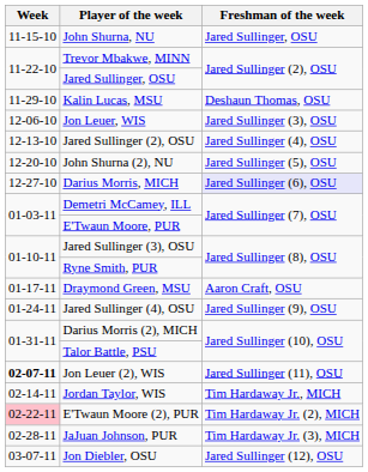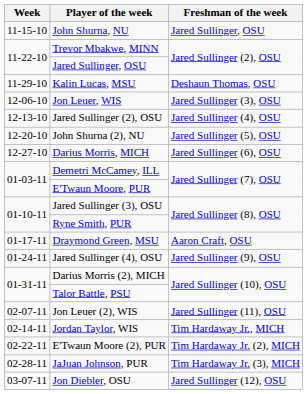 <table class="wikitable" border="1">
 <tr>
 <th>Week</th>
 <th>Player of the week</th>
 <th>Freshman of the week</th>
 </tr>
 <tr>
 <td>11-15-10</td>
 <td><a href='#'>John Shurna</a>, <a href='#'>NU</a></td>
 <td><a href='#'>Jared Sullinger</a>, <a href='#'>OSU</a></td>
 </tr>
 <tr>
 <td rowspan=2 valign=middle>11-22-10</td>
 <td><a href='#'>Trevor Mbakwe</a>, <a href='#'>MINN</a></td>
 <td rowspan=2 valign=middle><a href='#'>Jared Sullinger</a> (2), <a href='#'>OSU</a></td>
 </tr>
 <tr>
 <td><a href='#'>Jared Sullinger</a>, <a href='#'>OSU</a></td>
 </tr>
 <tr>
 <td>11-29-10</td>
 <td><a href='#'>Kalin Lucas</a>, <a href='#'>MSU</a></td>
 <td><a href='#'>Deshaun Thomas</a>, <a href='#'>OSU</a></td>
 </tr>
 <tr>
 <td>12-06-10</td>
 <td><a href='#'>Jon Leuer</a>, <a href='#'>WIS</a></td>
 <td><a href='#'>Jared Sullinger</a> (3), <a href='#'>OSU</a></td>
 </tr>
 <tr>
 <td>12-13-10</td>
 <td>Jared Sullinger (2), OSU</td>
 <td><a href='#'>Jared Sullinger</a> (4), <a href='#'>OSU</a></td>
 </tr>
 <tr>
 <td>12-20-10</td>
 <td>John Shurna (2), NU</td>
 <td><a href='#'>Jared Sullinger</a> (5), <a href='#'>OSU</a></td>
 </tr>
 <tr>
 <td>12-27-10</td>
 <td><a href='#'>Darius Morris</a>, <a href='#'>MICH</a></td>
-<td style="background: lavender;"><a href='#'>Jared Sullinger</a> (6), <a href='#'>OSU</a></td>
+<td><a href='#'>Jared Sullinger</a> (6), <a href='#'>OSU</a></td>
 </tr>
 <tr>
 <td rowspan=2 valign=middle>01-03-11</td>
 <td><a href='#'>Demetri McCamey</a>, <a href='#'>ILL</a></td>
 <td rowspan=2 valign=middle><a href='#'>Jared Sullinger</a> (7), <a href='#'>OSU</a></td>
 </tr>
 <tr>
 <td><a href='#'>E'Twaun Moore</a>, <a href='#'>PUR</a></td>
 </tr>
 <tr>
 <td rowspan=2 valign=middle>01-10-11</td>
 <td>Jared Sullinger (3), OSU</td>
 <td rowspan=2 valign=middle><a href='#'>Jared Sullinger</a> (8), <a href='#'>OSU</a></td>
 </tr>
 <tr>
 <td><a href='#'>Ryne Smith</a>, <a href='#'>PUR</a></td>
 </tr>
 <tr>
 <td>01-17-11</td>
 <td><a href='#'>Draymond Green</a>, <a href='#'>MSU</a></td>
 <td><a href='#'>Aaron Craft</a>, <a href='#'>OSU</a></td>
 </tr>
 <tr>
 <td>01-24-11</td>
 <td>Jared Sullinger (4), OSU</td>
 <td><a href='#'>Jared Sullinger</a> (9), <a href='#'>OSU</a></td>
 </tr>
 <tr>
 <td rowspan=2 valign=middle>01-31-11</td>
 <td>Darius Morris (2), MICH</td>
 <td rowspan=2 valign=middle><a href='#'>Jared Sullinger</a> (10), <a href='#'>OSU</a></td>
 </tr>
 <tr>
 <td><a href='#'>Talor Battle</a>, <a href='#'>PSU</a></td>
 </tr>
 <tr>
-<td><strong>02-07-11</strong></td>
+<td>02-07-11</td>
 <td>Jon Leuer (2), WIS</td>
 <td><a href='#'>Jared Sullinger</a> (11), <a href='#'>OSU</a></td>
 </tr>
 <tr>
 <td>02-14-11</td>
 <td><a href='#'>Jordan Taylor</a>, WIS</td>
 <td><a href='#'>Tim Hardaway Jr.</a>, <a href='#'>MICH</a></td>
 </tr>
 <tr>
-<td style="background: pink;">02-22-11</td>
+<td>02-22-11</td>
 <td>E'Twaun Moore (2), PUR</td>
 <td><a href='#'>Tim Hardaway Jr.</a> (2), <a href='#'>MICH</a></td>
 </tr>
 <tr>
 <td>02-28-11</td>
 <td><a href='#'>JaJuan Johnson</a>, PUR</td>
 <td><a href='#'>Tim Hardaway Jr.</a> (3), <a href='#'>MICH</a></td>
 </tr>
 <tr>
 <td>03-07-11</td>
 <td><a href='#'>Jon Diebler</a>, OSU</td>
 <td><a href='#'>Jared Sullinger</a> (12), <a href='#'>OSU</a></td>
 </tr>
 </table>
